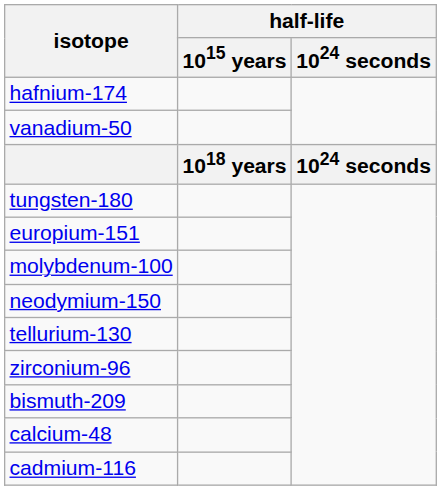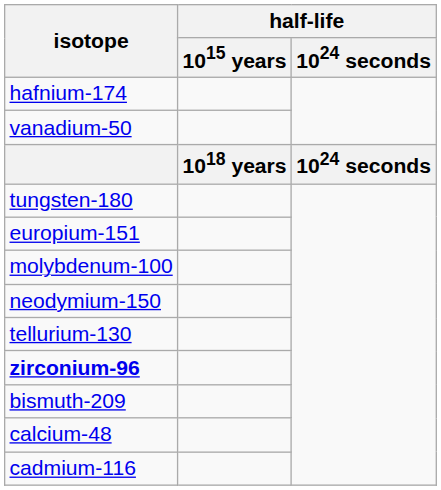 <table class="wikitable sortable">
 <tr>
 <th rowspan=2>isotope</th>
 <th colspan=2>half-life</th>
 </tr>
 <tr>
 <th class=unsortable>10<sup>15</sup> years</th>
 <th class=unsortable>10<sup>24</sup> seconds</th>
 </tr>
 <tr>
 <td><a href='#'>hafnium-174</a></td>
 <td></td>
 </tr>
 <tr>
 <td><a href='#'>vanadium-50</a></td>
 <td></td>
 </tr>
 <tr>
 <th></th>
 <th class=unsortable>10<sup>18</sup> years</th>
 <th class=unsortable>10<sup>24</sup> seconds</th>
 </tr>
 <tr>
 <td><a href='#'>tungsten-180</a></td>
 <td></td>
 </tr>
 <tr>
 <td><a href='#'>europium-151</a></td>
 <td></td>
 </tr>
 <tr>
 <td><a href='#'>molybdenum-100</a></td>
 <td></td>
 </tr>
 <tr>
 <td><a href='#'>neodymium-150</a></td>
 <td></td>
 </tr>
 <tr>
 <td><a href='#'>tellurium-130</a></td>
 <td></td>
 </tr>
 <tr>
-<td><a href='#'>zirconium-96</a></td>
+<td><strong><a href='#'>zirconium-96</a></strong></td>
 <td></td>
 </tr>
 <tr>
 <td><a href='#'>bismuth-209</a></td>
 <td></td>
 </tr>
 <tr>
 <td><a href='#'>calcium-48</a></td>
 <td></td>
 </tr>
 <tr>
 <td><a href='#'>cadmium-116</a></td>
 <td></td>
 </tr>
 </table>
